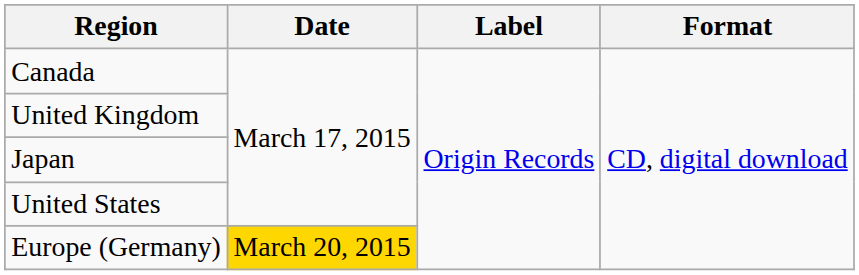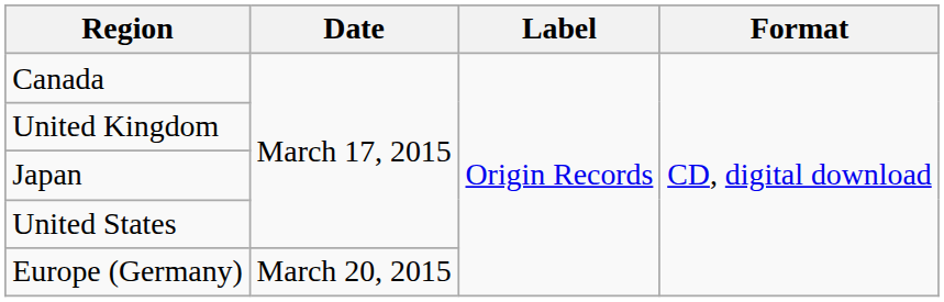 <table class="wikitable">
 <tr>
 <th>Region</th>
 <th>Date</th>
 <th>Label</th>
 <th>Format</th>
 </tr>
 <tr>
 <td>Canada</td>
 <td rowspan="4">March 17, 2015</td>
 <td rowspan="5"><a href='#'>Origin Records</a></td>
 <td rowspan="5"><a href='#'>CD</a>, <a href='#'>digital download</a></td>
 </tr>
 <tr>
 <td>United Kingdom</td>
 </tr>
 <tr>
 <td>Japan</td>
 </tr>
 <tr>
 <td>United States</td>
 </tr>
 <tr>
 <td>Europe (Germany)</td>
-<td style="background: gold;">March 20, 2015</td>
+<td>March 20, 2015</td>
 </tr>
 </table>
